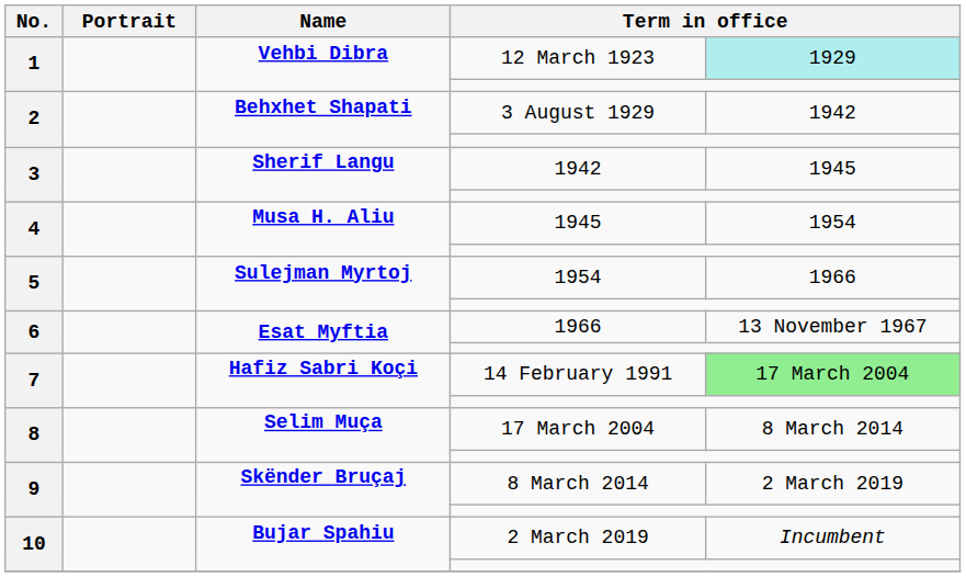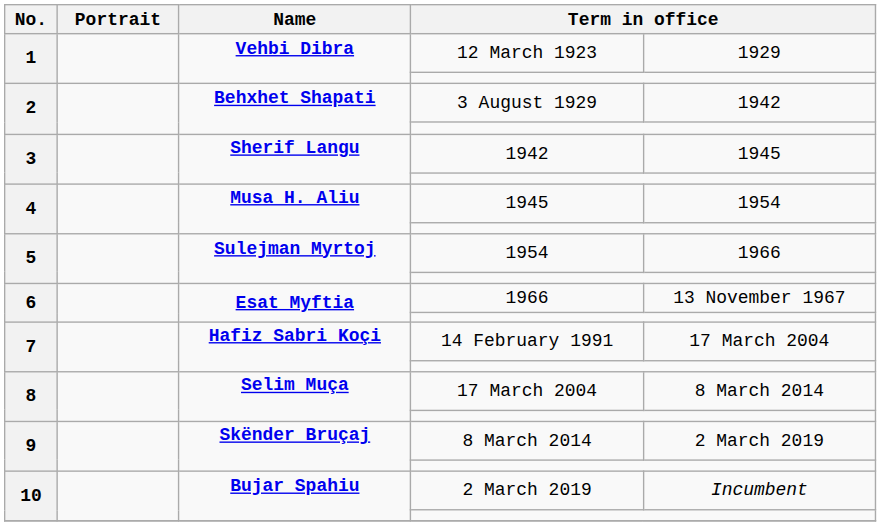 <table class="wikitable" style="text-align:center;"  width="50%">
 <tr>
 <th>No.</th>
 <th>Portrait</th>
 <th>Name</th>
 <th colspan=2>Term in office</th>
 </tr>
 <tr>
 <th rowspan="2">1</th>
 <td rowspan=2></td>
 <td rowspan=2><strong><a href='#'>Vehbi Dibra</a></strong><br><br></td>
 <td>12 March 1923</td>
-<td style="background: paleturquoise;">1929</td>
+<td>1929</td>
 </tr>
 <tr>
 <td colspan="2"><em></em></td>
 </tr>
 <tr>
 <th rowspan="2">2</th>
 <td rowspan=2></td>
 <td rowspan=2><strong><a href='#'>Behxhet Shapati</a></strong><br><br></td>
 <td>3 August 1929</td>
 <td>1942</td>
 </tr>
 <tr>
 <td colspan="2"><em></em></td>
 </tr>
 <tr>
 <th rowspan="2">3</th>
 <td rowspan=2></td>
 <td rowspan=2><strong><a href='#'>Sherif Langu</a></strong><br><br></td>
 <td>1942</td>
 <td>1945</td>
 </tr>
 <tr>
 <td colspan="2"><em></em></td>
 </tr>
 <tr>
 <th rowspan="2">4</th>
 <td rowspan=2></td>
 <td rowspan=2><strong><a href='#'>Musa H. Aliu</a></strong><br><br></td>
 <td>1945</td>
 <td>1954</td>
 </tr>
 <tr>
 <td colspan="2"><em></em></td>
 </tr>
 <tr>
 <th rowspan="2">5</th>
 <td rowspan="2"></td>
 <td rowspan="2"><strong><a href='#'>Sulejman Myrtoj</a></strong><br><br></td>
 <td>1954</td>
 <td>1966</td>
 </tr>
 <tr>
 <td colspan="2"><em></em></td>
 </tr>
 <tr>
 <th rowspan="2">6</th>
 <td rowspan="2"></td>
 <td rowspan="2"><strong><a href='#'>Esat Myftia</a></strong><br></td>
 <td>1966</td>
 <td>13 November 1967</td>
 </tr>
 <tr>
 <td colspan="2"><em></em></td>
 </tr>
 <tr>
 <th rowspan="2">7</th>
 <td rowspan="2"></td>
 <td rowspan="2"><strong><a href='#'>Hafiz Sabri Koçi</a></strong><br><br></td>
 <td>14 February 1991</td>
-<td style="background: lightgreen;">17 March 2004</td>
+<td>17 March 2004</td>
 </tr>
 <tr>
 <td colspan="2"><em></em></td>
 </tr>
 <tr>
 <th rowspan="2">8</th>
 <td rowspan="2"></td>
 <td rowspan="2"><strong><a href='#'>Selim Muça</a></strong><br><br></td>
 <td>17 March 2004</td>
 <td>8 March 2014</td>
 </tr>
 <tr>
 <td colspan="2"><em></em></td>
 </tr>
 <tr>
 <th rowspan="2">9</th>
 <td rowspan="2"></td>
 <td rowspan="2"><strong><a href='#'>Skënder Bruçaj</a></strong><br><br></td>
 <td>8 March 2014</td>
 <td>2 March 2019</td>
 </tr>
 <tr>
 <td colspan="2"><em></em></td>
 </tr>
 <tr>
 <th rowspan="2">10</th>
 <td rowspan="2"></td>
 <td rowspan="2"><strong><a href='#'>Bujar Spahiu</a></strong><br><br></td>
 <td>2 March 2019</td>
 <td><em>Incumbent</em></td>
 </tr>
 <tr>
 <td colspan="2"><em></em></td>
 </tr>
 <tr>
 </tr>
 </table>
